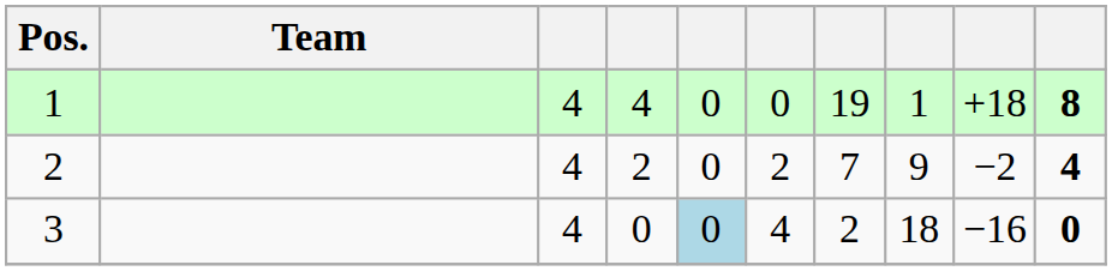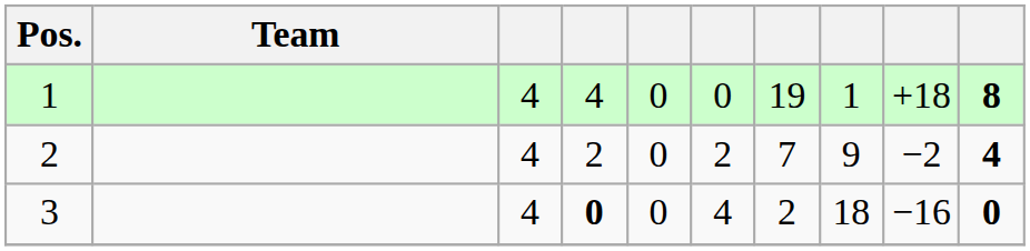 <table class="wikitable" style="text-align:center">
 <tr>
 <th width=30>Pos.</th>
 <th width=165>Team</th>
 <th width=20></th>
 <th width=20></th>
 <th width=20></th>
 <th width=20></th>
 <th width=20></th>
 <th width=20></th>
 <th width=20></th>
 <th width=20></th>
 </tr>
 <tr style="background:#cfc">
 <td>1</td>
 <td style="text-align:left"></td>
 <td>4</td>
 <td>4</td>
 <td>0</td>
 <td>0</td>
 <td>19</td>
 <td>1</td>
 <td>+18</td>
 <td><strong>8</strong></td>
 </tr>
 <tr>
 <td>2</td>
 <td style="text-align:left"></td>
 <td>4</td>
 <td>2</td>
 <td>0</td>
 <td>2</td>
 <td>7</td>
 <td>9</td>
 <td>−2</td>
 <td><strong>4</strong></td>
 </tr>
 <tr>
 <td>3</td>
 <td style="text-align:left"></td>
 <td>4</td>
+<td><strong>0</strong></td>
 <td>0</td>
-<td style="background: lightblue;">0</td>
 <td>4</td>
 <td>2</td>
 <td>18</td>
 <td>−16</td>
 <td><strong>0</strong></td>
 </tr>
 <tr>
 </tr>
 </table>
